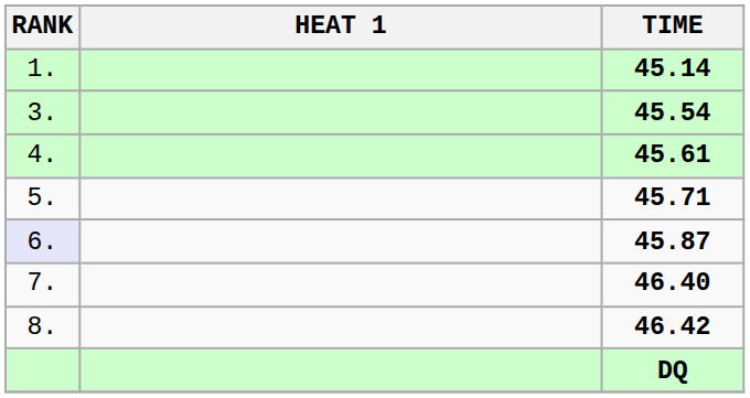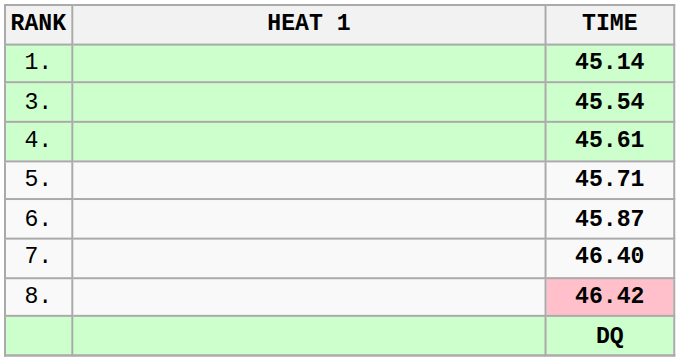 <table class="wikitable" style="border-collapse: collapse; font-size: 90%;">
 <tr>
 <th>RANK</th>
 <th style="width: 20em">HEAT 1</th>
 <th style="width: 5em">TIME</th>
 </tr>
 <tr style="background:#ccffcc;">
 <td align="center">1.</td>
 <td></td>
 <td align="center"><strong>45.14</strong></td>
 </tr>
 <tr style="background:#ccffcc;">
 <td align="center">3.</td>
 <td></td>
 <td align="center"><strong>45.54</strong></td>
 </tr>
 <tr style="background:#ccffcc;">
 <td align="center">4.</td>
 <td></td>
 <td align="center"><strong>45.61</strong></td>
 </tr>
 <tr>
 <td align="center">5.</td>
 <td></td>
 <td align="center"><strong>45.71</strong></td>
 </tr>
 <tr>
-<td align="center" style="background: lavender;">6.</td>
+<td align="center">6.</td>
 <td></td>
 <td align="center"><strong>45.87</strong></td>
 </tr>
 <tr>
 <td align="center">7.</td>
 <td></td>
 <td align="center"><strong>46.40</strong></td>
 </tr>
 <tr>
 <td align="center">8.</td>
 <td></td>
-<td align="center"><strong>46.42</strong></td>
+<td align="center" style="background: pink;"><strong>46.42</strong></td>
 </tr>
 <tr style="background:#ccffcc;">
 <td align="center"></td>
 <td></td>
 <td align="center"><strong>DQ</strong></td>
 </tr>
 <tr>
 </tr>
 </table>
